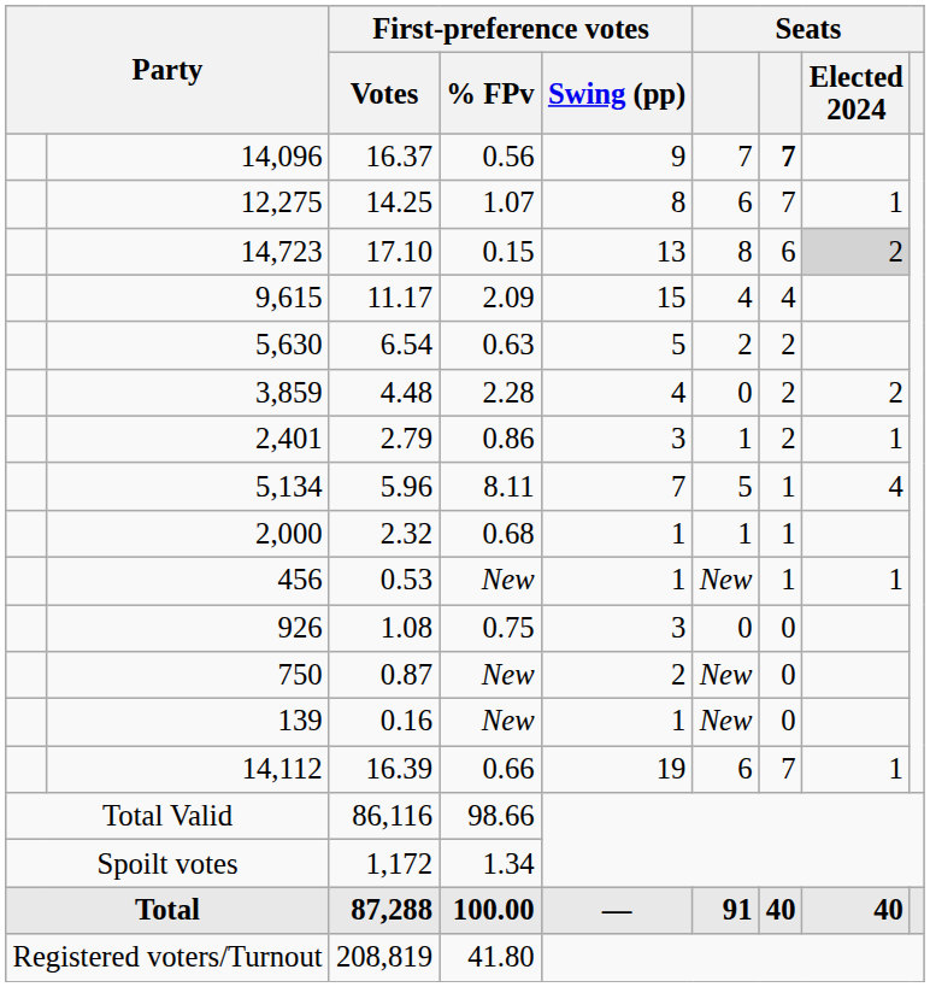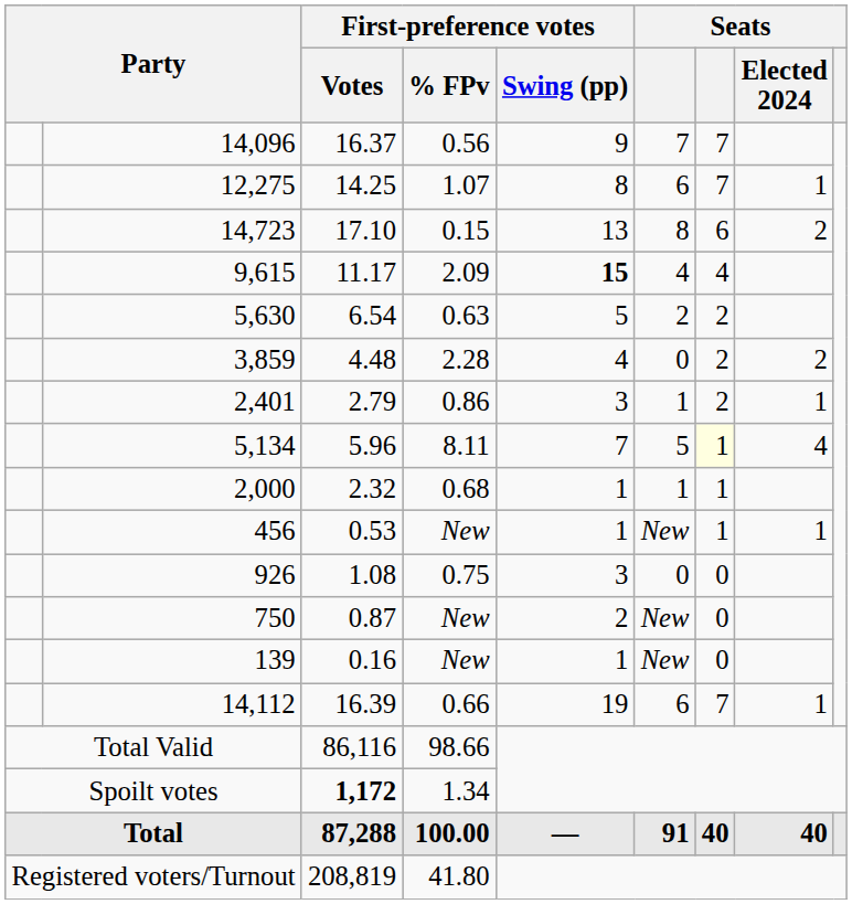 <table class="wikitable sortable" style="text-align:center;">
 <tr style="text-align:right; background-color:#E9E9E9; text-align:center">
 <th rowspan="2" colspan="2">Party</th>
 <th colspan="3">First-preference votes</th>
 <th colspan="5">Seats</th>
 </tr>
 <tr style="text-align:right; background-color:#E9E9E9; text-align:center">
 <th data-sort-type="number">Votes</th>
 <th data-sort-type="number">% FPv</th>
 <th data-sort-type="number"><a href='#'>Swing</a> (pp)</th>
 <th data-sort-type="number"></th>
 <th data-sort-type="number"><a href='#'></a></th>
 <th data-sort-type="number">Elected<br>2024</th>
 <th data-sort-type="number"></th>
 </tr>
 <tr>
 <td></td>
 <td align=right>14,096</td>
 <td align=right>16.37</td>
 <td align=right>0.56</td>
 <td align=right>9</td>
 <td align=right>7</td>
-<td align=right><strong>7</strong></td>
+<td align=right>7</td>
 <td align=right></td>
 </tr>
 <tr>
 <td></td>
 <td align=right>12,275</td>
 <td align=right>14.25</td>
 <td align=right>1.07</td>
 <td align=right>8</td>
 <td align=right>6</td>
 <td align=right>7</td>
 <td align=right>1</td>
 </tr>
 <tr>
 <td></td>
 <td align=right>14,723</td>
 <td align=right>17.10</td>
 <td align=right>0.15</td>
 <td align=right>13</td>
 <td align=right>8</td>
 <td align=right>6</td>
-<td align=right style="background: lightgrey;">2</td>
+<td align=right>2</td>
 </tr>
 <tr>
 <td></td>
 <td align=right>9,615</td>
 <td align=right>11.17</td>
 <td align=right>2.09</td>
-<td align=right>15</td>
+<td align=right><strong>15</strong></td>
 <td align=right>4</td>
 <td align=right>4</td>
 <td align=right></td>
 </tr>
 <tr>
 <td></td>
 <td align=right>5,630</td>
 <td align=right>6.54</td>
 <td align=right>0.63</td>
 <td align=right>5</td>
 <td align=right>2</td>
 <td align=right>2</td>
 <td align=right></td>
 </tr>
 <tr>
 <td></td>
 <td align=right>3,859</td>
 <td align=right>4.48</td>
 <td align=right>2.28</td>
 <td align=right>4</td>
 <td align=right>0</td>
 <td align=right>2</td>
 <td align=right>2</td>
 </tr>
 <tr>
 <td></td>
 <td align=right>2,401</td>
 <td align=right>2.79</td>
 <td align=right>0.86</td>
 <td align=right>3</td>
 <td align=right>1</td>
 <td align=right>2</td>
 <td align=right>1</td>
 </tr>
 <tr>
 <td></td>
 <td align=right>5,134</td>
 <td align=right>5.96</td>
 <td align=right>8.11</td>
 <td align=right>7</td>
 <td align=right>5</td>
-<td align=right>1</td>
+<td align=right style="background: lightyellow;">1</td>
 <td align=right>4</td>
 </tr>
 <tr>
 <td></td>
 <td align=right>2,000</td>
 <td align=right>2.32</td>
 <td align=right>0.68</td>
 <td align=right>1</td>
 <td align=right>1</td>
 <td align=right>1</td>
 <td align=right></td>
 </tr>
 <tr>
 <td></td>
 <td align=right>456</td>
 <td align=right>0.53</td>
 <td align=right><em>New</em></td>
 <td align=right>1</td>
 <td align=right><em>New</em></td>
 <td align=right>1</td>
 <td align=right>1</td>
 </tr>
 <tr>
 <td></td>
 <td align=right>926</td>
 <td align=right>1.08</td>
 <td align=right>0.75</td>
 <td align=right>3</td>
 <td align=right>0</td>
 <td align=right>0</td>
 <td align=right></td>
 </tr>
 <tr>
 <td></td>
 <td align=right>750</td>
 <td align=right>0.87</td>
 <td align=right><em>New</em></td>
 <td align=right>2</td>
 <td align=right><em>New</em></td>
 <td align=right>0</td>
 <td align=right></td>
 </tr>
 <tr>
 <td></td>
 <td align=right>139</td>
 <td align=right>0.16</td>
 <td align=right><em>New</em></td>
 <td align=right>1</td>
 <td align=right><em>New</em></td>
 <td align=right>0</td>
 <td align=right></td>
 </tr>
 <tr>
 <td></td>
 <td align=right>14,112</td>
 <td align=right>16.39</td>
 <td align=right>0.66</td>
 <td align=right>19</td>
 <td align=right>6</td>
 <td align=right>7</td>
 <td align=right>1</td>
 </tr>
 <tr class="sortbottom">
 <td colspan=2>Total Valid</td>
 <td align=right>86,116</td>
 <td align=right>98.66</td>
 <td rowspan=2 colspan=6></td>
 </tr>
 <tr>
 <td colspan=2>Spoilt votes</td>
-<td align=right>1,172</td>
+<td align=right><strong>1,172</strong></td>
 <td align=right>1.34</td>
 </tr>
 <tr style="font-weight:bold; background:rgb(232,232,232);">
 <td colspan=2>Total</td>
 <td align=right>87,288</td>
 <td align=right>100.00</td>
 <td>—</td>
 <td align=right>91</td>
 <td align=right>40</td>
 <td align=right>40</td>
 <td></td>
 </tr>
 <tr>
 <td colspan=2>Registered voters/Turnout</td>
 <td align=right>208,819</td>
 <td align=right>41.80</td>
 <td colspan=6></td>
 </tr>
 </table>
